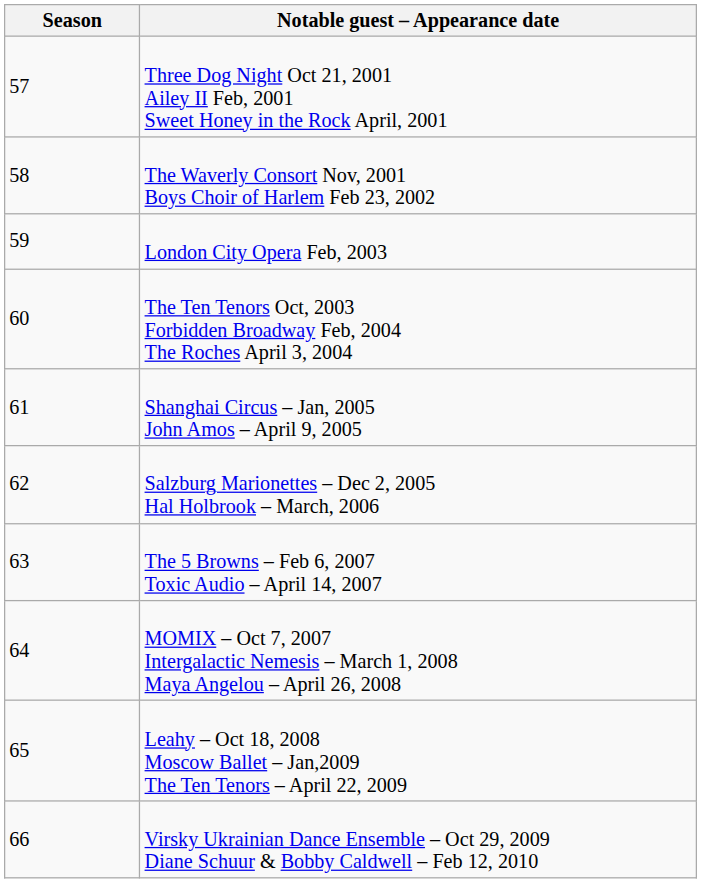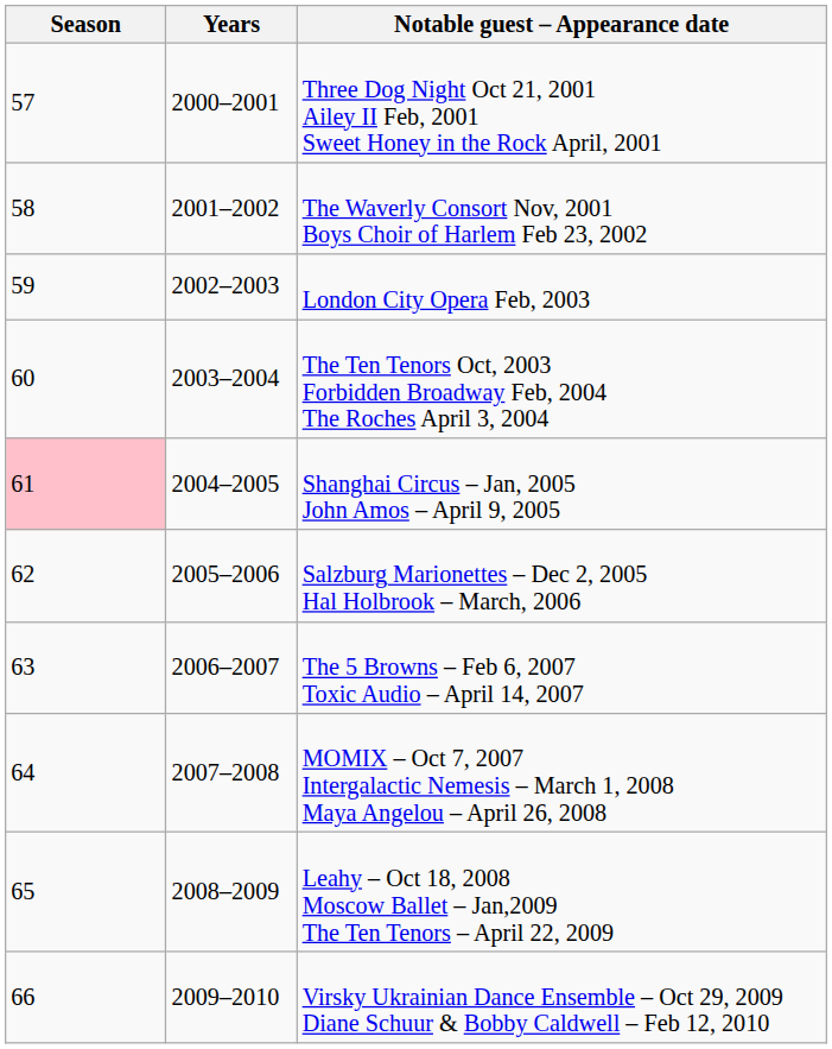 <table class="wikitable collapsible" width="550">
 <tr>
 <th scope="col" width="100px">Season</th>
+<th scope="col" width="80px">Years</th>
 <th>Notable guest – Appearance date</th>
 </tr>
 <tr>
 <td>57</td>
+<td>2000–2001</td>
 <td><br><a href='#'>Three Dog Night</a> Oct 21, 2001<br> <a href='#'>Ailey II</a> Feb, 2001<br> <a href='#'>Sweet Honey in the Rock</a> April, 2001</td>
 </tr>
 <tr>
 <td>58</td>
+<td>2001–2002</td>
 <td><br><a href='#'>The Waverly Consort</a> Nov, 2001<br> <a href='#'>Boys Choir of Harlem</a> Feb 23, 2002</td>
 </tr>
 <tr>
 <td>59</td>
+<td>2002–2003</td>
 <td><br><a href='#'>London City Opera</a> Feb, 2003</td>
 </tr>
 <tr>
 <td>60</td>
+<td>2003–2004</td>
 <td><br><a href='#'>The Ten Tenors</a> Oct, 2003<br> <a href='#'>Forbidden Broadway</a> Feb, 2004<br> <a href='#'>The Roches</a> April 3, 2004</td>
 </tr>
 <tr>
-<td>61</td>
+<td style="background: pink;">61</td>
+<td>2004–2005</td>
 <td><br><a href='#'>Shanghai Circus</a> – Jan, 2005<br> <a href='#'>John Amos</a> – April 9, 2005</td>
 </tr>
 <tr>
 <td>62</td>
+<td>2005–2006</td>
 <td><br><a href='#'>Salzburg Marionettes</a> – Dec 2, 2005<br> <a href='#'>Hal Holbrook</a> – March, 2006</td>
 </tr>
 <tr>
 <td>63</td>
+<td>2006–2007</td>
 <td><br><a href='#'>The 5 Browns</a> – Feb 6, 2007<br> <a href='#'>Toxic Audio</a> – April 14, 2007</td>
 </tr>
 <tr>
 <td>64</td>
+<td>2007–2008</td>
 <td><br><a href='#'>MOMIX</a> – Oct 7, 2007<br> <a href='#'>Intergalactic Nemesis</a> – March 1, 2008<br> <a href='#'>Maya Angelou</a> – April 26, 2008</td>
 </tr>
 <tr>
 <td>65</td>
+<td>2008–2009</td>
 <td><br><a href='#'>Leahy</a> – Oct 18, 2008<br> <a href='#'>Moscow Ballet</a> – Jan,2009<br> <a href='#'>The Ten Tenors</a> – April 22, 2009</td>
 </tr>
 <tr>
 <td>66</td>
+<td>2009–2010</td>
 <td><br><a href='#'>Virsky Ukrainian Dance Ensemble</a> – Oct 29, 2009<br> <a href='#'>Diane Schuur</a> & <a href='#'>Bobby Caldwell</a> – Feb 12, 2010</td>
 </tr>
 </table>
